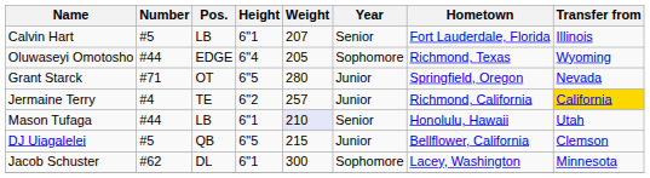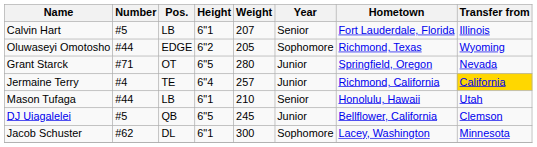 <table class="wikitable sortable">
 <tr>
 <th style="text-align:center; ">Name</th>
 <th style="text-align:center; ">Number</th>
 <th style="text-align:center; ">Pos.</th>
 <th style="text-align:center; ">Height</th>
 <th style="text-align:center; ">Weight</th>
 <th style="text-align:center; ">Year</th>
 <th style="text-align:center; ">Hometown</th>
 <th style="text-align:center; ">Transfer from</th>
 </tr>
 <tr>
 <td>Calvin Hart</td>
 <td>#5</td>
 <td>LB</td>
 <td>6"1</td>
 <td>207</td>
 <td> Senior</td>
 <td><a href='#'>Fort Lauderdale, Florida</a></td>
 <td><a href='#'>Illinois</a></td>
 </tr>
 <tr>
 <td>Oluwaseyi Omotosho</td>
 <td>#44</td>
 <td>EDGE</td>
-<td>6"4</td>
+<td>6"2</td>
 <td>205</td>
 <td> Sophomore</td>
 <td><a href='#'>Richmond, Texas</a></td>
 <td><a href='#'>Wyoming</a></td>
 </tr>
 <tr>
 <td>Grant Starck</td>
 <td>#71</td>
 <td>OT</td>
 <td>6"5</td>
 <td>280</td>
 <td>Junior</td>
 <td><a href='#'>Springfield, Oregon</a></td>
 <td><a href='#'>Nevada</a></td>
 </tr>
 <tr>
 <td>Jermaine Terry</td>
 <td>#4</td>
 <td>TE</td>
-<td>6"2</td>
+<td>6"4</td>
 <td>257</td>
 <td>Junior</td>
 <td><a href='#'>Richmond, California</a></td>
 <td style="background: gold;"><a href='#'>California</a></td>
 </tr>
 <tr>
 <td>Mason Tufaga</td>
 <td>#44</td>
 <td>LB</td>
 <td>6"1</td>
-<td style="background: lavender;">210</td>
+<td>210</td>
 <td> Senior</td>
 <td><a href='#'>Honolulu, Hawaii</a></td>
 <td><a href='#'>Utah</a></td>
 </tr>
 <tr>
 <td><a href='#'>DJ Uiagalelei</a></td>
 <td>#5</td>
 <td>QB</td>
 <td>6"5</td>
-<td>215</td>
+<td>245</td>
 <td>Junior</td>
 <td><a href='#'>Bellflower, California</a></td>
 <td><a href='#'>Clemson</a></td>
 </tr>
 <tr>
 <td>Jacob Schuster</td>
 <td>#62</td>
 <td>DL</td>
 <td>6"1</td>
 <td>300</td>
 <td> Sophomore</td>
 <td><a href='#'>Lacey, Washington</a></td>
 <td><a href='#'>Minnesota</a></td>
 </tr>
 <tr>
 </tr>
 </table>
